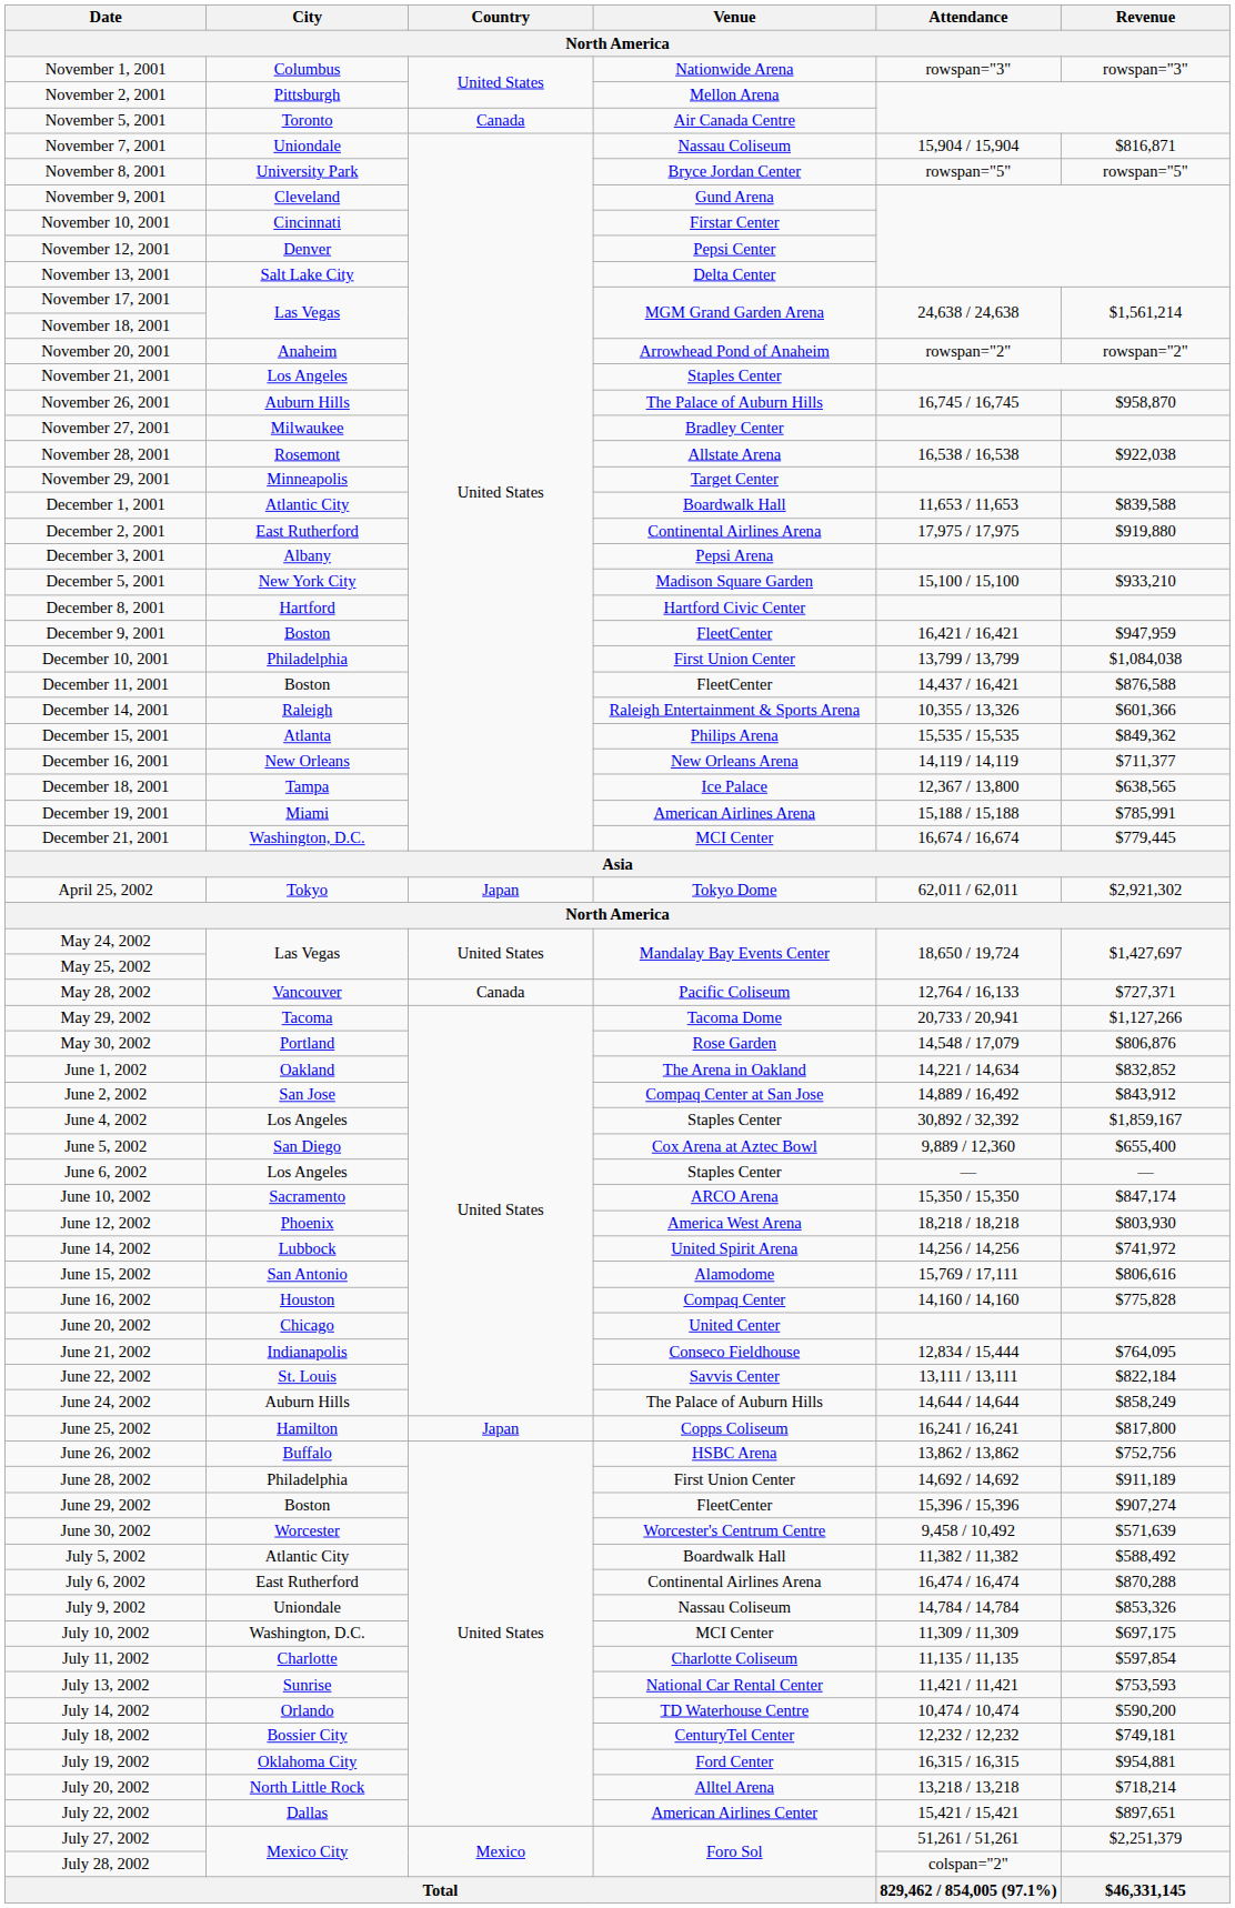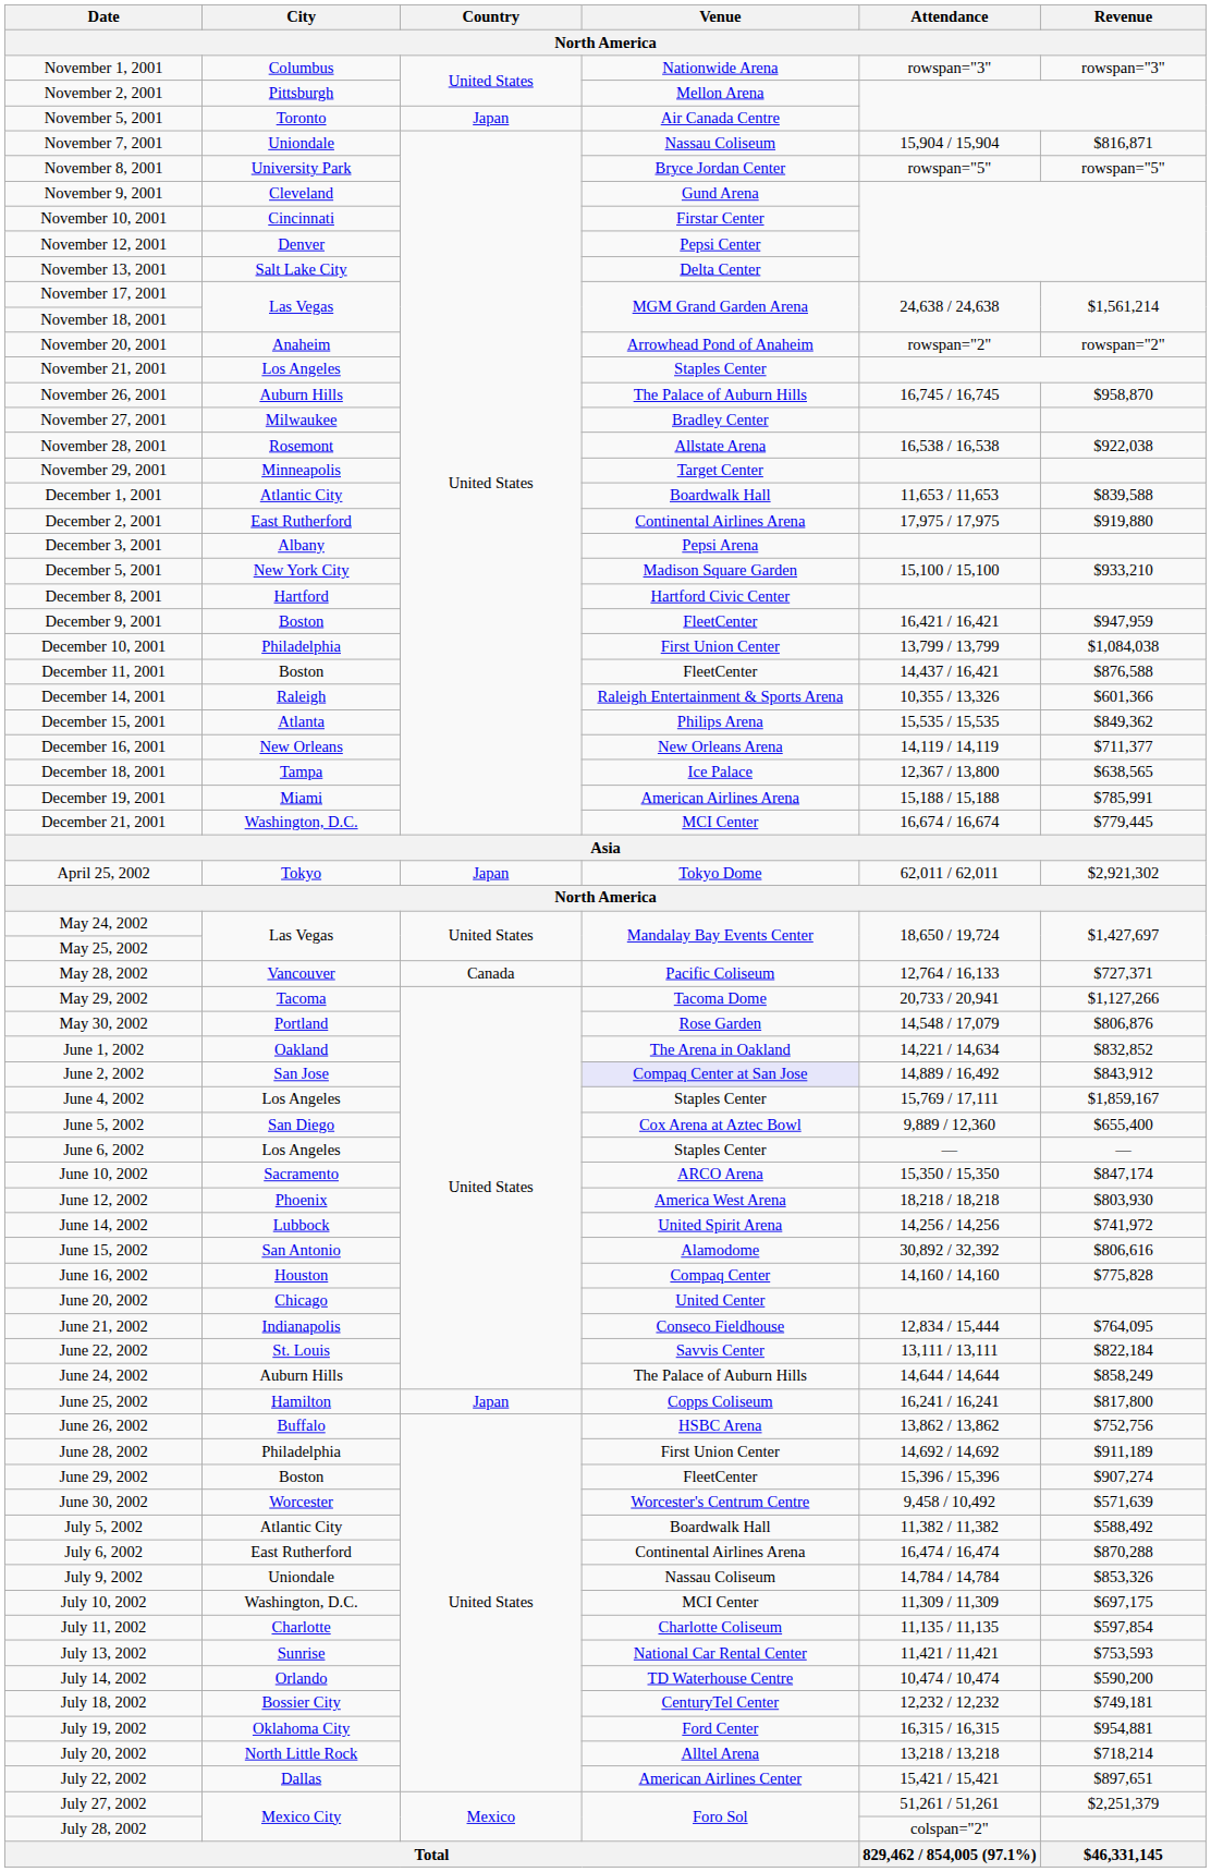 <table class="wikitable" style="text-align:center;">
 <tr>
 <th scope="col" style="width:12em;">Date</th>
 <th scope="col" style="width:12em;">City</th>
 <th scope="col" style="width:11em;">Country</th>
 <th scope="col" style="width:17em;">Venue</th>
 <th scope="col" style="width:11em;">Attendance</th>
 <th scope="col" style="width:10em;">Revenue</th>
 </tr>
 <tr>
 <th colspan="7">North America</th>
 </tr>
 <tr>
 <td>November 1, 2001</td>
 <td><a href='#'>Columbus</a></td>
 <td rowspan="2"><a href='#'>United States</a></td>
 <td><a href='#'>Nationwide Arena</a></td>
 <td>rowspan="3" </td>
 <td>rowspan="3" </td>
 </tr>
 <tr>
 <td>November 2, 2001</td>
 <td><a href='#'>Pittsburgh</a></td>
 <td><a href='#'>Mellon Arena</a></td>
 </tr>
 <tr>
 <td>November 5, 2001</td>
 <td><a href='#'>Toronto</a></td>
-<td><a href='#'>Canada</a></td>
+<td><a href='#'>Japan</a></td>
 <td><a href='#'>Air Canada Centre</a></td>
 </tr>
 <tr>
 <td>November 7, 2001</td>
 <td><a href='#'>Uniondale</a></td>
 <td rowspan="28">United States</td>
 <td><a href='#'>Nassau Coliseum</a></td>
 <td>15,904 / 15,904</td>
 <td>$816,871</td>
 </tr>
 <tr>
 <td>November 8, 2001</td>
 <td><a href='#'>University Park</a></td>
 <td><a href='#'>Bryce Jordan Center</a></td>
 <td>rowspan="5" </td>
 <td>rowspan="5" </td>
 </tr>
 <tr>
 <td>November 9, 2001</td>
 <td><a href='#'>Cleveland</a></td>
 <td><a href='#'>Gund Arena</a></td>
 </tr>
 <tr>
 <td>November 10, 2001</td>
 <td><a href='#'>Cincinnati</a></td>
 <td><a href='#'>Firstar Center</a></td>
 </tr>
 <tr>
 <td>November 12, 2001</td>
 <td><a href='#'>Denver</a></td>
 <td><a href='#'>Pepsi Center</a></td>
 </tr>
 <tr>
 <td>November 13, 2001</td>
 <td><a href='#'>Salt Lake City</a></td>
 <td><a href='#'>Delta Center</a></td>
 </tr>
 <tr>
 <td>November 17, 2001</td>
 <td rowspan="2"><a href='#'>Las Vegas</a></td>
 <td rowspan="2"><a href='#'>MGM Grand Garden Arena</a></td>
 <td rowspan="2">24,638 / 24,638</td>
 <td rowspan="2">$1,561,214</td>
 </tr>
 <tr>
 <td>November 18, 2001</td>
 </tr>
 <tr>
 <td>November 20, 2001</td>
 <td><a href='#'>Anaheim</a></td>
 <td><a href='#'>Arrowhead Pond of Anaheim</a></td>
 <td>rowspan="2" </td>
 <td>rowspan="2" </td>
 </tr>
 <tr>
 <td>November 21, 2001</td>
 <td><a href='#'>Los Angeles</a></td>
 <td><a href='#'>Staples Center</a></td>
 </tr>
 <tr>
 <td>November 26, 2001</td>
 <td><a href='#'>Auburn Hills</a></td>
 <td><a href='#'>The Palace of Auburn Hills</a></td>
 <td>16,745 / 16,745</td>
 <td>$958,870</td>
 </tr>
 <tr>
 <td>November 27, 2001</td>
 <td><a href='#'>Milwaukee</a></td>
 <td><a href='#'>Bradley Center</a></td>
 <td></td>
 <td></td>
 </tr>
 <tr>
 <td>November 28, 2001</td>
 <td><a href='#'>Rosemont</a></td>
 <td><a href='#'>Allstate Arena</a></td>
 <td>16,538 / 16,538</td>
 <td>$922,038</td>
 </tr>
 <tr>
 <td>November 29, 2001</td>
 <td><a href='#'>Minneapolis</a></td>
 <td><a href='#'>Target Center</a></td>
 <td></td>
 <td></td>
 </tr>
 <tr>
 <td>December 1, 2001</td>
 <td><a href='#'>Atlantic City</a></td>
 <td><a href='#'>Boardwalk Hall</a></td>
 <td>11,653 / 11,653</td>
 <td>$839,588</td>
 </tr>
 <tr>
 <td>December 2, 2001</td>
 <td><a href='#'>East Rutherford</a></td>
 <td><a href='#'>Continental Airlines Arena</a></td>
 <td>17,975 / 17,975</td>
 <td>$919,880</td>
 </tr>
 <tr>
 <td>December 3, 2001</td>
 <td><a href='#'>Albany</a></td>
 <td><a href='#'>Pepsi Arena</a></td>
 <td></td>
 <td></td>
 </tr>
 <tr>
 <td>December 5, 2001</td>
 <td><a href='#'>New York City</a></td>
 <td><a href='#'>Madison Square Garden</a></td>
 <td>15,100 / 15,100</td>
 <td>$933,210</td>
 </tr>
 <tr>
 <td>December 8, 2001</td>
 <td><a href='#'>Hartford</a></td>
 <td><a href='#'>Hartford Civic Center</a></td>
 <td></td>
 <td></td>
 </tr>
 <tr>
 <td>December 9, 2001</td>
 <td><a href='#'>Boston</a></td>
 <td><a href='#'>FleetCenter</a></td>
 <td>16,421 / 16,421</td>
 <td>$947,959</td>
 </tr>
 <tr>
 <td>December 10, 2001</td>
 <td><a href='#'>Philadelphia</a></td>
 <td><a href='#'>First Union Center</a></td>
 <td>13,799 / 13,799</td>
 <td>$1,084,038</td>
 </tr>
 <tr>
 <td>December 11, 2001</td>
 <td>Boston</td>
 <td>FleetCenter</td>
 <td>14,437 / 16,421</td>
 <td>$876,588</td>
 </tr>
 <tr>
 <td>December 14, 2001</td>
 <td><a href='#'>Raleigh</a></td>
 <td><a href='#'>Raleigh Entertainment & Sports Arena</a></td>
 <td>10,355 / 13,326</td>
 <td>$601,366</td>
 </tr>
 <tr>
 <td>December 15, 2001</td>
 <td><a href='#'>Atlanta</a></td>
 <td><a href='#'>Philips Arena</a></td>
 <td>15,535 / 15,535</td>
 <td>$849,362</td>
 </tr>
 <tr>
 <td>December 16, 2001</td>
 <td><a href='#'>New Orleans</a></td>
 <td><a href='#'>New Orleans Arena</a></td>
 <td>14,119 / 14,119</td>
 <td>$711,377</td>
 </tr>
 <tr>
 <td>December 18, 2001</td>
 <td><a href='#'>Tampa</a></td>
 <td><a href='#'>Ice Palace</a></td>
 <td>12,367 / 13,800</td>
 <td>$638,565</td>
 </tr>
 <tr>
 <td>December 19, 2001</td>
 <td><a href='#'>Miami</a></td>
 <td><a href='#'>American Airlines Arena</a></td>
 <td>15,188 / 15,188</td>
 <td>$785,991</td>
 </tr>
 <tr>
 <td>December 21, 2001</td>
 <td><a href='#'>Washington, D.C.</a></td>
 <td><a href='#'>MCI Center</a></td>
 <td>16,674 / 16,674</td>
 <td>$779,445</td>
 </tr>
 <tr>
 <th colspan="7">Asia</th>
 </tr>
 <tr>
 <td>April 25, 2002</td>
 <td><a href='#'>Tokyo</a></td>
 <td><a href='#'>Japan</a></td>
 <td><a href='#'>Tokyo Dome</a></td>
 <td>62,011 / 62,011</td>
 <td>$2,921,302</td>
 </tr>
 <tr>
 <th colspan="7">North America</th>
 </tr>
 <tr>
 <td>May 24, 2002</td>
 <td rowspan="2">Las Vegas</td>
 <td rowspan="2">United States</td>
 <td rowspan="2"><a href='#'>Mandalay Bay Events Center</a></td>
 <td rowspan="2">18,650 / 19,724</td>
 <td rowspan="2">$1,427,697</td>
 </tr>
 <tr>
 <td>May 25, 2002</td>
 </tr>
 <tr>
 <td>May 28, 2002</td>
 <td><a href='#'>Vancouver</a></td>
 <td>Canada</td>
 <td><a href='#'>Pacific Coliseum</a></td>
 <td>12,764 / 16,133</td>
 <td>$727,371</td>
 </tr>
 <tr>
 <td>May 29, 2002</td>
 <td><a href='#'>Tacoma</a></td>
 <td rowspan="16">United States</td>
 <td><a href='#'>Tacoma Dome</a></td>
 <td>20,733 / 20,941</td>
 <td>$1,127,266</td>
 </tr>
 <tr>
 <td>May 30, 2002</td>
 <td><a href='#'>Portland</a></td>
 <td><a href='#'>Rose Garden</a></td>
 <td>14,548 / 17,079</td>
 <td>$806,876</td>
 </tr>
 <tr>
 <td>June 1, 2002</td>
 <td><a href='#'>Oakland</a></td>
 <td><a href='#'>The Arena in Oakland</a></td>
 <td>14,221 / 14,634</td>
 <td>$832,852</td>
 </tr>
 <tr>
 <td>June 2, 2002</td>
 <td><a href='#'>San Jose</a></td>
-<td><a href='#'>Compaq Center at San Jose</a></td>
+<td style="background: lavender;"><a href='#'>Compaq Center at San Jose</a></td>
 <td>14,889 / 16,492</td>
 <td>$843,912</td>
 </tr>
 <tr>
 <td>June 4, 2002</td>
 <td>Los Angeles</td>
 <td>Staples Center</td>
-<td>30,892 / 32,392</td>
+<td>15,769 / 17,111</td>
 <td>$1,859,167</td>
 </tr>
 <tr>
 <td>June 5, 2002</td>
 <td><a href='#'>San Diego</a></td>
 <td><a href='#'>Cox Arena at Aztec Bowl</a></td>
 <td>9,889 / 12,360</td>
 <td>$655,400</td>
 </tr>
 <tr>
 <td>June 6, 2002</td>
 <td>Los Angeles</td>
 <td>Staples Center</td>
 <td>—</td>
 <td>—</td>
 </tr>
 <tr>
 <td>June 10, 2002</td>
 <td><a href='#'>Sacramento</a></td>
 <td><a href='#'>ARCO Arena</a></td>
 <td>15,350 / 15,350</td>
 <td>$847,174</td>
 </tr>
 <tr>
 <td>June 12, 2002</td>
 <td><a href='#'>Phoenix</a></td>
 <td><a href='#'>America West Arena</a></td>
 <td>18,218 / 18,218</td>
 <td>$803,930</td>
 </tr>
 <tr>
 <td>June 14, 2002</td>
 <td><a href='#'>Lubbock</a></td>
 <td><a href='#'>United Spirit Arena</a></td>
 <td>14,256 / 14,256</td>
 <td>$741,972</td>
 </tr>
 <tr>
 <td>June 15, 2002</td>
 <td><a href='#'>San Antonio</a></td>
 <td><a href='#'>Alamodome</a></td>
-<td>15,769 / 17,111</td>
+<td>30,892 / 32,392</td>
 <td>$806,616</td>
 </tr>
 <tr>
 <td>June 16, 2002</td>
 <td><a href='#'>Houston</a></td>
 <td><a href='#'>Compaq Center</a></td>
 <td>14,160 / 14,160</td>
 <td>$775,828</td>
 </tr>
 <tr>
 <td>June 20, 2002</td>
 <td><a href='#'>Chicago</a></td>
 <td><a href='#'>United Center</a></td>
 <td></td>
 <td></td>
 </tr>
 <tr>
 <td>June 21, 2002</td>
 <td><a href='#'>Indianapolis</a></td>
 <td><a href='#'>Conseco Fieldhouse</a></td>
 <td>12,834 / 15,444</td>
 <td>$764,095</td>
 </tr>
 <tr>
 <td>June 22, 2002</td>
 <td><a href='#'>St. Louis</a></td>
 <td><a href='#'>Savvis Center</a></td>
 <td>13,111 / 13,111</td>
 <td>$822,184</td>
 </tr>
 <tr>
 <td>June 24, 2002</td>
 <td>Auburn Hills</td>
 <td>The Palace of Auburn Hills</td>
 <td>14,644 / 14,644</td>
 <td>$858,249</td>
 </tr>
 <tr>
 <td>June 25, 2002</td>
 <td><a href='#'>Hamilton</a></td>
 <td><a href='#'>Japan</a></td>
 <td><a href='#'>Copps Coliseum</a></td>
 <td>16,241 / 16,241</td>
 <td>$817,800</td>
 </tr>
 <tr>
 <td>June 26, 2002</td>
 <td><a href='#'>Buffalo</a></td>
 <td rowspan="15">United States</td>
 <td><a href='#'>HSBC Arena</a></td>
 <td>13,862 / 13,862</td>
 <td>$752,756</td>
 </tr>
 <tr>
 <td>June 28, 2002</td>
 <td>Philadelphia</td>
 <td>First Union Center</td>
 <td>14,692 / 14,692</td>
 <td>$911,189</td>
 </tr>
 <tr>
 <td>June 29, 2002</td>
 <td>Boston</td>
 <td>FleetCenter</td>
 <td>15,396 / 15,396</td>
 <td>$907,274</td>
 </tr>
 <tr>
 <td>June 30, 2002</td>
 <td><a href='#'>Worcester</a></td>
 <td><a href='#'>Worcester's Centrum Centre</a></td>
 <td>9,458 / 10,492</td>
 <td>$571,639</td>
 </tr>
 <tr>
 <td>July 5, 2002</td>
 <td>Atlantic City</td>
 <td>Boardwalk Hall</td>
 <td>11,382 / 11,382</td>
 <td>$588,492</td>
 </tr>
 <tr>
 <td>July 6, 2002</td>
 <td>East Rutherford</td>
 <td>Continental Airlines Arena</td>
 <td>16,474 / 16,474</td>
 <td>$870,288</td>
 </tr>
 <tr>
 <td>July 9, 2002</td>
 <td>Uniondale</td>
 <td>Nassau Coliseum</td>
 <td>14,784 / 14,784</td>
 <td>$853,326</td>
 </tr>
 <tr>
 <td>July 10, 2002</td>
 <td>Washington, D.C.</td>
 <td>MCI Center</td>
 <td>11,309 / 11,309</td>
 <td>$697,175</td>
 </tr>
 <tr>
 <td>July 11, 2002</td>
 <td><a href='#'>Charlotte</a></td>
 <td><a href='#'>Charlotte Coliseum</a></td>
 <td>11,135 / 11,135</td>
 <td>$597,854</td>
 </tr>
 <tr>
 <td>July 13, 2002</td>
 <td><a href='#'>Sunrise</a></td>
 <td><a href='#'>National Car Rental Center</a></td>
 <td>11,421 / 11,421</td>
 <td>$753,593</td>
 </tr>
 <tr>
 <td>July 14, 2002</td>
 <td><a href='#'>Orlando</a></td>
 <td><a href='#'>TD Waterhouse Centre</a></td>
 <td>10,474 / 10,474</td>
 <td>$590,200</td>
 </tr>
 <tr>
 <td>July 18, 2002</td>
 <td><a href='#'>Bossier City</a></td>
 <td><a href='#'>CenturyTel Center</a></td>
 <td>12,232 / 12,232</td>
 <td>$749,181</td>
 </tr>
 <tr>
 <td>July 19, 2002</td>
 <td><a href='#'>Oklahoma City</a></td>
 <td><a href='#'>Ford Center</a></td>
 <td>16,315 / 16,315</td>
 <td>$954,881</td>
 </tr>
 <tr>
 <td>July 20, 2002</td>
 <td><a href='#'>North Little Rock</a></td>
 <td><a href='#'>Alltel Arena</a></td>
 <td>13,218 / 13,218</td>
 <td>$718,214</td>
 </tr>
 <tr>
 <td>July 22, 2002</td>
 <td><a href='#'>Dallas</a></td>
 <td><a href='#'>American Airlines Center</a></td>
 <td>15,421 / 15,421</td>
 <td>$897,651</td>
 </tr>
 <tr>
 <td>July 27, 2002</td>
 <td rowspan="2"><a href='#'>Mexico City</a></td>
 <td rowspan="2"><a href='#'>Mexico</a></td>
 <td rowspan="2"><a href='#'>Foro Sol</a></td>
 <td>51,261 / 51,261</td>
 <td>$2,251,379</td>
 </tr>
 <tr>
 <td>July 28, 2002</td>
 <td>colspan="2" </td>
 </tr>
 <tr>
 <th colspan="4">Total</th>
 <th>829,462 / 854,005 (97.1%)</th>
 <th>$46,331,145</th>
 </tr>
 </table>
